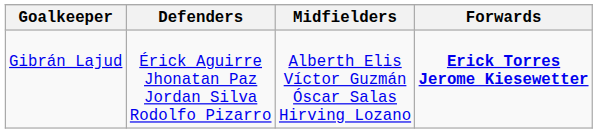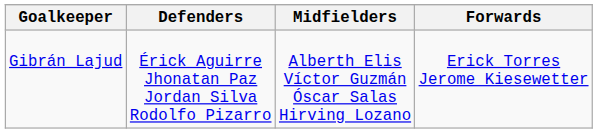 <table class="wikitable" style="text-align: center; margin: 0 auto;">
 <tr>
 </tr>
 <tr>
 <th>Goalkeeper</th>
 <th>Defenders</th>
 <th>Midfielders</th>
 <th>Forwards</th>
 </tr>
 <tr>
 <td valign=top><br> <a href='#'>Gibrán Lajud</a></td>
 <td valign=top><br> <a href='#'>Érick Aguirre</a><br>  <a href='#'>Jhonatan Paz</a><br>  <a href='#'>Jordan Silva</a><br>  <a href='#'>Rodolfo Pizarro</a><br></td>
 <td valign=top><br> <a href='#'>Alberth Elis</a><br>  <a href='#'>Víctor Guzmán</a><br>  <a href='#'>Óscar Salas</a><br>  <a href='#'>Hirving Lozano</a><br></td>
-<td valign=top><strong><br> <a href='#'>Erick Torres</a><br>  <a href='#'>Jerome Kiesewetter</a><br></strong></td>
+<td valign=top><br> <a href='#'>Erick Torres</a><br>  <a href='#'>Jerome Kiesewetter</a><br></td>
 </tr>
 </table>
